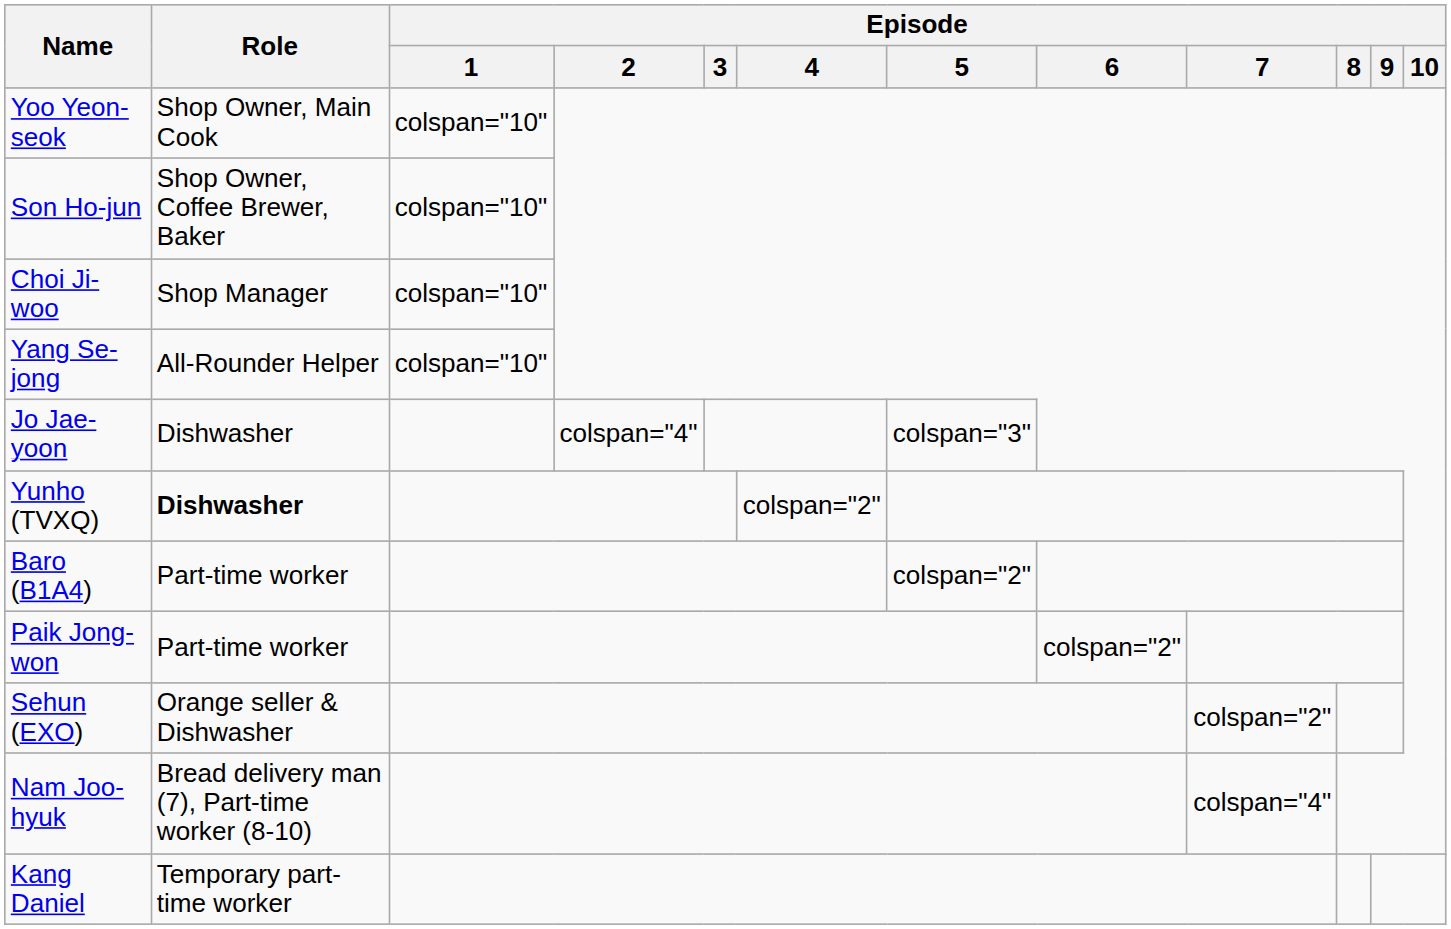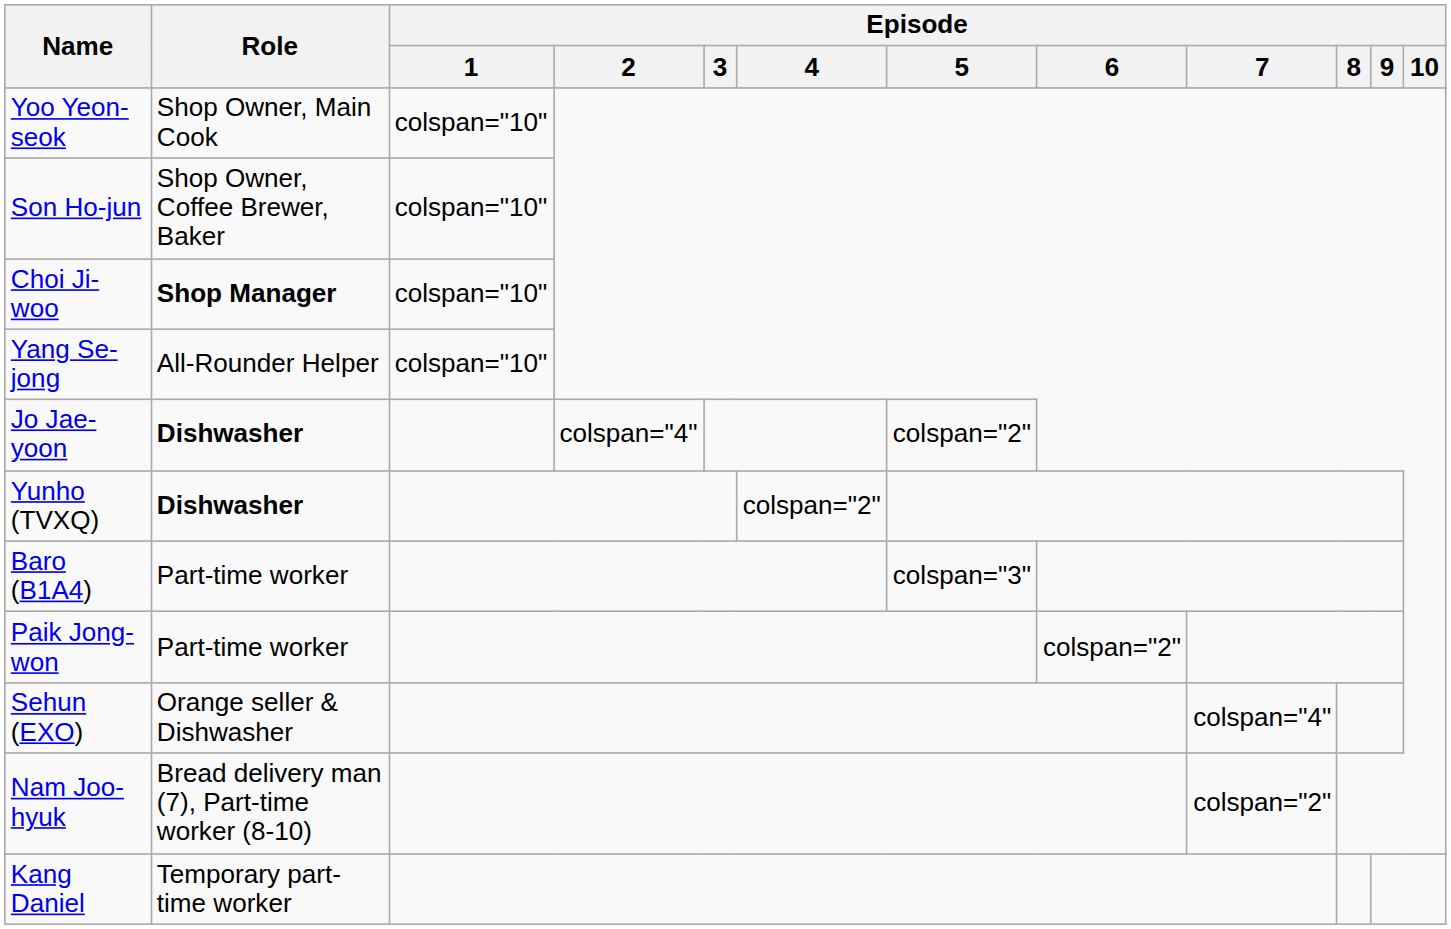 <table class="wikitable" style="width:70%;">
 <tr>
 <th style="width:15%;" rowspan="2">Name</th>
 <th style="width:25%;" rowspan="2">Role</th>
 <th colspan="10">Episode</th>
 </tr>
 <tr>
 <th style="width:3%;">1</th>
 <th style="width:3%;">2</th>
 <th style="width:3%;">3</th>
 <th style="width:3%;">4</th>
 <th style="width:3%;">5</th>
 <th style="width:3%;">6</th>
 <th style="width:3%;">7</th>
 <th style="width:3%;">8</th>
 <th style="width:3%;">9</th>
 <th style="width:3%;">10</th>
 </tr>
 <tr>
 <td><a href='#'>Yoo Yeon-seok</a></td>
 <td>Shop Owner, Main Cook</td>
 <td>colspan="10" </td>
 </tr>
 <tr>
 <td><a href='#'>Son Ho-jun</a></td>
 <td>Shop Owner, Coffee Brewer, Baker</td>
 <td>colspan="10" </td>
 </tr>
 <tr>
 <td><a href='#'>Choi Ji-woo</a></td>
-<td>Shop Manager</td>
+<td><strong>Shop Manager</strong></td>
 <td>colspan="10" </td>
 </tr>
 <tr>
 <td><a href='#'>Yang Se-jong</a></td>
 <td>All-Rounder Helper</td>
 <td>colspan="10" </td>
 </tr>
 <tr>
 <td><a href='#'>Jo Jae-yoon</a></td>
-<td>Dishwasher</td>
+<td><strong>Dishwasher</strong></td>
 <td></td>
 <td>colspan="4" </td>
 <td colspan="2"></td>
-<td>colspan="3" </td>
+<td>colspan="2" </td>
 </tr>
 <tr>
 <td><a href='#'>Yunho</a> (TVXQ)</td>
 <td><strong>Dishwasher</strong></td>
 <td colspan="3"></td>
 <td>colspan="2" </td>
 <td colspan="5"></td>
 </tr>
 <tr>
 <td><a href='#'>Baro</a> (<a href='#'>B1A4</a>)</td>
 <td>Part-time worker</td>
 <td colspan="4"></td>
-<td>colspan="2" </td>
+<td>colspan="3" </td>
 <td colspan="4"></td>
 </tr>
 <tr>
 <td><a href='#'>Paik Jong-won</a></td>
 <td>Part-time worker</td>
 <td colspan="5"></td>
 <td>colspan="2" </td>
 <td colspan="3"></td>
 </tr>
 <tr>
 <td><a href='#'>Sehun</a> (<a href='#'>EXO</a>)</td>
 <td>Orange seller & Dishwasher</td>
 <td colspan="6"></td>
-<td>colspan="2" </td>
+<td>colspan="4" </td>
 <td colspan="2"></td>
 </tr>
 <tr>
 <td><a href='#'>Nam Joo-hyuk</a></td>
 <td>Bread delivery man (7), Part-time worker (8-10)</td>
 <td colspan="6"></td>
-<td>colspan="4" </td>
+<td>colspan="2" </td>
 </tr>
 <tr>
 <td><a href='#'>Kang Daniel</a></td>
 <td>Temporary part-time worker</td>
 <td colspan="7"></td>
 <td></td>
 <td colspan="2"></td>
 </tr>
 </table>
